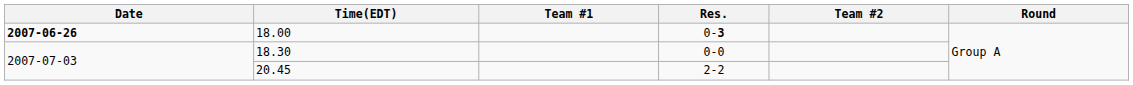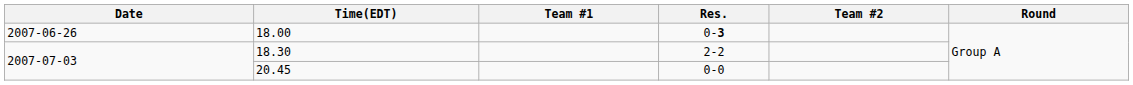 <table class="wikitable" style="text-align: left;" width="100%">
 <tr>
 <th>Date</th>
 <th>Time(EDT)</th>
 <th>Team #1</th>
 <th>Res.</th>
 <th>Team #2</th>
 <th>Round</th>
 </tr>
 <tr>
-<td><strong>2007-06-26</strong></td>
+<td>2007-06-26</td>
 <td>18.00</td>
 <td></td>
 <td style="text-align:center;">0-<strong>3</strong></td>
 <td><strong></strong></td>
 <td rowspan="3">Group A</td>
 </tr>
 <tr>
 <td rowspan="2">2007-07-03</td>
 <td>18.30</td>
 <td></td>
-<td style="text-align:center;">0-0</td>
+<td style="text-align:center;">2-2</td>
 <td></td>
 </tr>
 <tr>
 <td>20.45</td>
 <td></td>
-<td style="text-align:center;">2-2</td>
+<td style="text-align:center;">0-0</td>
 <td></td>
 </tr>
 </table>
